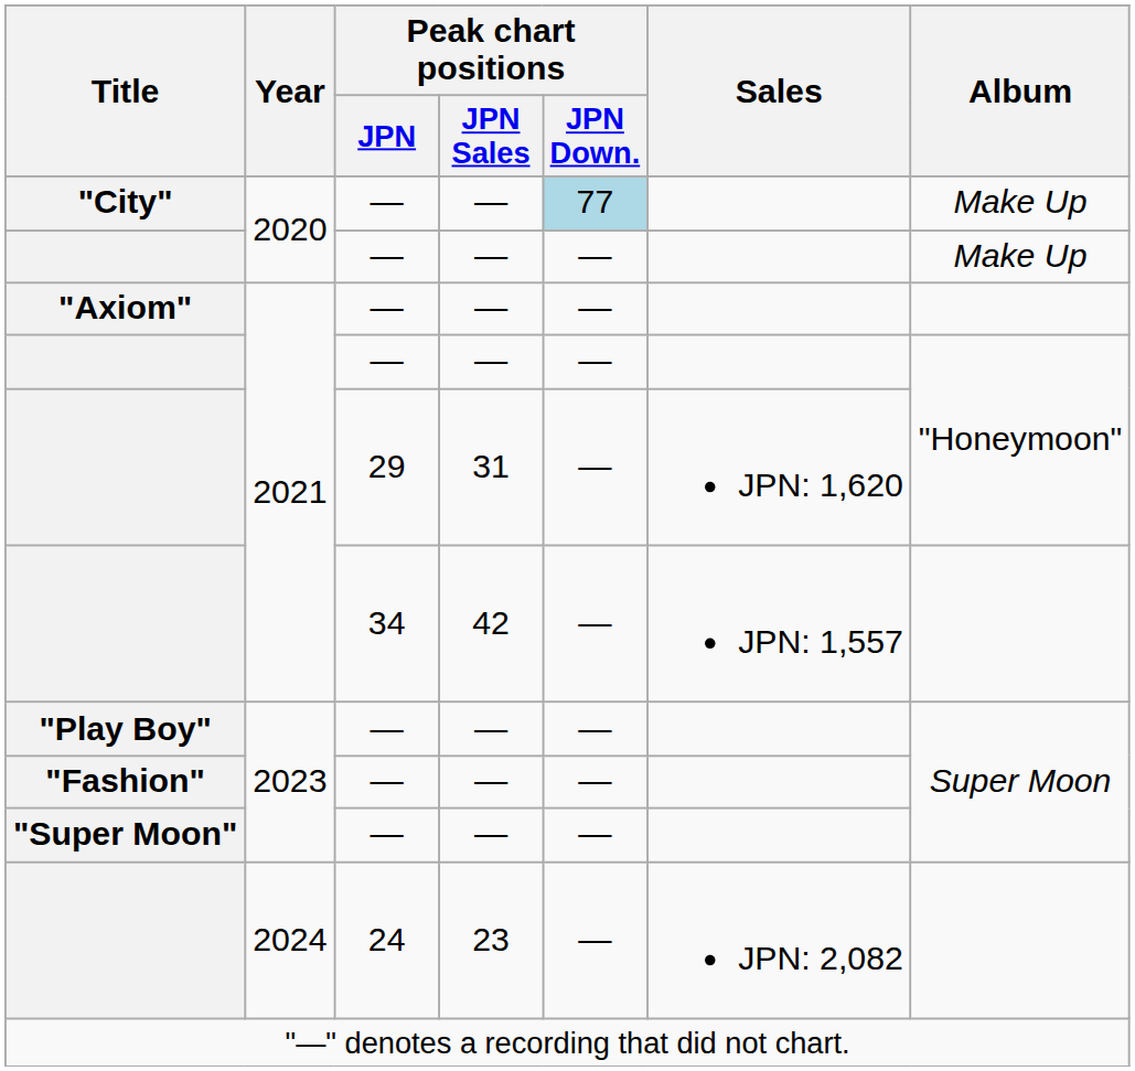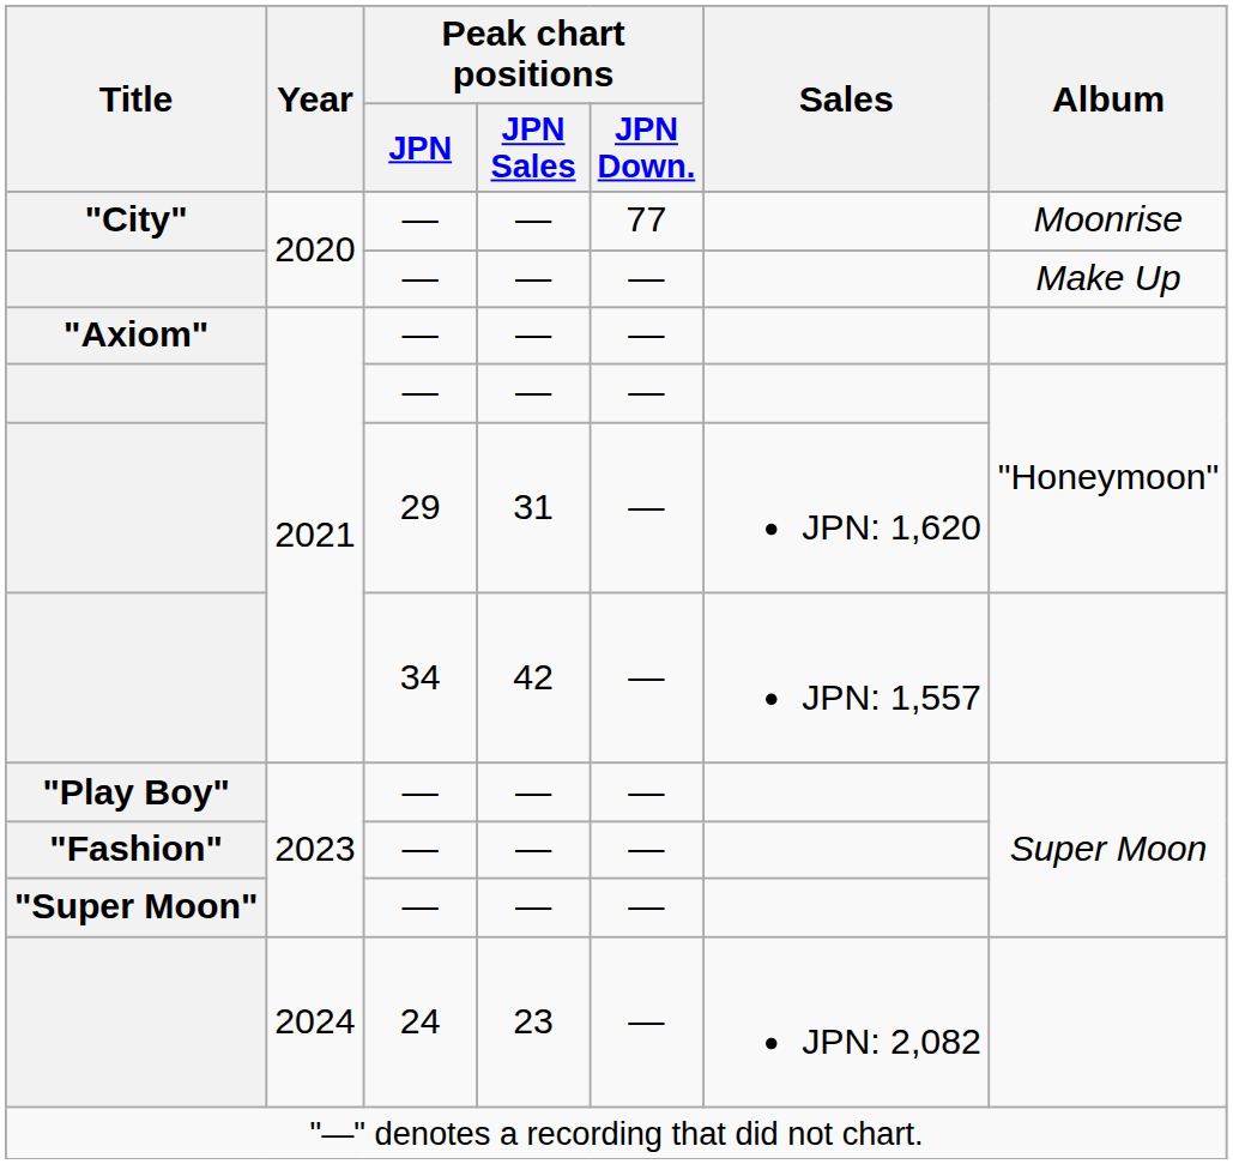 <table class="wikitable plainrowheaders" style="text-align:center;">
 <tr>
 <th scope="col" rowspan="2">Title</th>
 <th scope="col" rowspan="2">Year</th>
 <th scope="col" colspan="3">Peak chart<br>positions</th>
 <th scope="col" rowspan="2">Sales</th>
 <th scope="col" rowspan="2">Album</th>
 </tr>
 <tr>
 <th scope="col" style="width:3em;font-size:90%;"><a href='#'>JPN</a><br></th>
 <th scope="col" style="width:3em;font-size:90%;"><a href='#'>JPN<br>Sales</a><br></th>
 <th scope="col" style="width:3em;font-size:90%;"><a href='#'>JPN<br>Down.</a><br></th>
 </tr>
 <tr>
 <th scope="row">"City"</th>
 <td rowspan="2">2020</td>
 <td>—</td>
 <td>—</td>
-<td style="background: lightblue;">77</td>
+<td>77</td>
 <td></td>
-<td><em>Make Up</em></td>
+<td><em>Moonrise</em></td>
 </tr>
 <tr>
 <th scope="row"></th>
 <td>—</td>
 <td>—</td>
 <td>—</td>
 <td></td>
 <td><em>Make Up</em></td>
 </tr>
 <tr>
 <th scope="row">"Axiom"</th>
 <td rowspan="4">2021</td>
 <td>—</td>
 <td>—</td>
 <td>—</td>
 <td></td>
 <td></td>
 </tr>
 <tr>
 <th scope="row"></th>
 <td>—</td>
 <td>—</td>
 <td>—</td>
 <td></td>
 <td rowspan="2">"Honeymoon" </td>
 </tr>
 <tr>
 <th scope="row"></th>
 <td>29</td>
 <td>31</td>
 <td>—</td>
 <td><br><ul><li>JPN: 1,620</li></ul></td>
 </tr>
 <tr>
 <th scope="row"></th>
 <td>34</td>
 <td>42</td>
 <td>—</td>
 <td><br><ul><li>JPN: 1,557</li></ul></td>
 <td></td>
 </tr>
 <tr>
 <th scope="row">"Play Boy"</th>
 <td rowspan="3">2023</td>
 <td>—</td>
 <td>—</td>
 <td>—</td>
 <td></td>
 <td rowspan="3"><em>Super Moon</em></td>
 </tr>
 <tr>
 <th scope="row">"Fashion"</th>
 <td>—</td>
 <td>—</td>
 <td>—</td>
 <td></td>
 </tr>
 <tr>
 <th scope="row">"Super Moon"</th>
 <td>—</td>
 <td>—</td>
 <td>—</td>
 <td></td>
 </tr>
 <tr>
 <th scope="row"></th>
 <td>2024</td>
 <td>24</td>
 <td>23</td>
 <td>—</td>
 <td><br><ul><li>JPN: 2,082</li></ul></td>
 <td></td>
 </tr>
 <tr>
 <td colspan="7" style="font-size:90%">"—" denotes a recording that did not chart.</td>
 </tr>
 </table>
